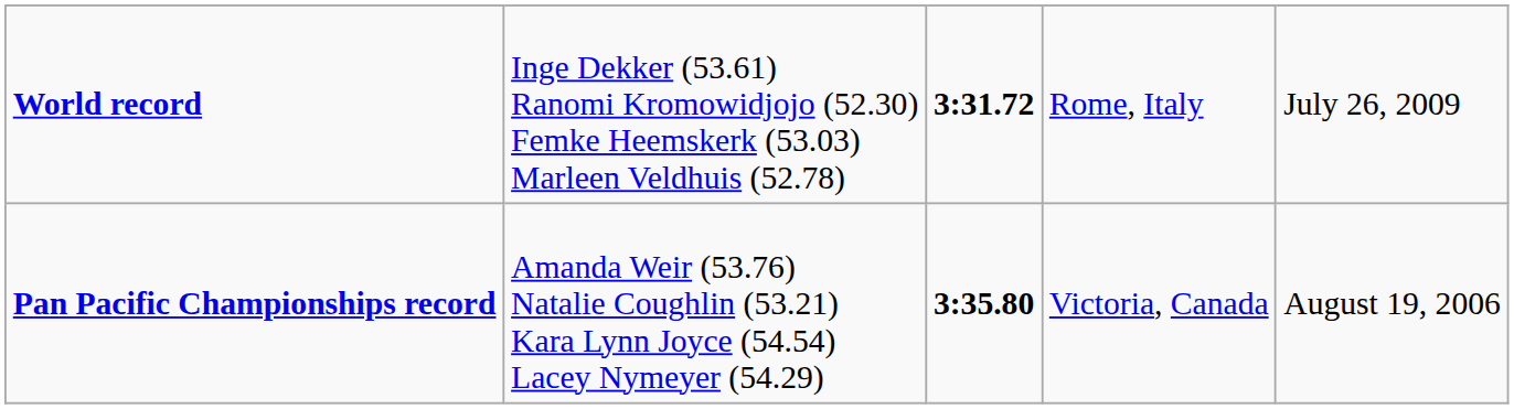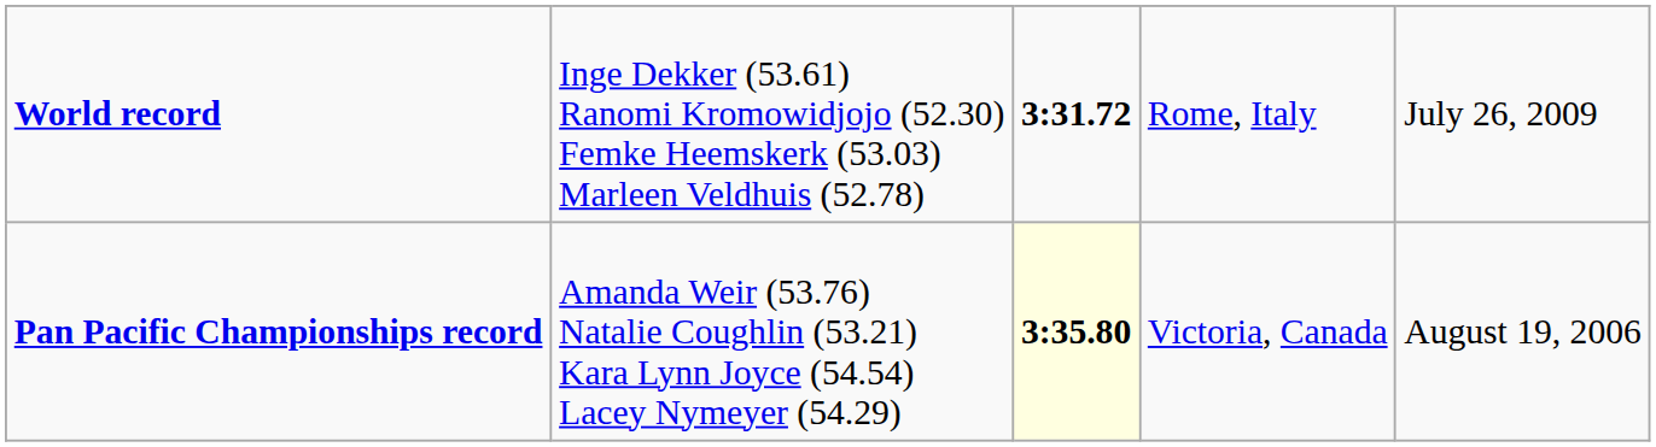 <table class="wikitable">
 <tr>
 <td><strong><a href='#'>World record</a></strong></td>
 <td><br><a href='#'>Inge Dekker</a> (53.61)<br><a href='#'>Ranomi Kromowidjojo</a> (52.30)<br><a href='#'>Femke Heemskerk</a> (53.03)<br><a href='#'>Marleen Veldhuis</a> (52.78)</td>
 <td><strong>3:31.72</strong></td>
 <td><a href='#'>Rome</a>, <a href='#'>Italy</a></td>
 <td>July 26, 2009</td>
 </tr>
 <tr>
 <td><strong><a href='#'>Pan Pacific Championships record</a></strong></td>
 <td><br><a href='#'>Amanda Weir</a> (53.76)<br><a href='#'>Natalie Coughlin</a> (53.21)<br><a href='#'>Kara Lynn Joyce</a> (54.54)<br><a href='#'>Lacey Nymeyer</a> (54.29)</td>
-<td><strong>3:35.80</strong></td>
+<td style="background: lightyellow;"><strong>3:35.80</strong></td>
 <td><a href='#'>Victoria</a>, <a href='#'>Canada</a></td>
 <td>August 19, 2006</td>
 </tr>
 </table>
